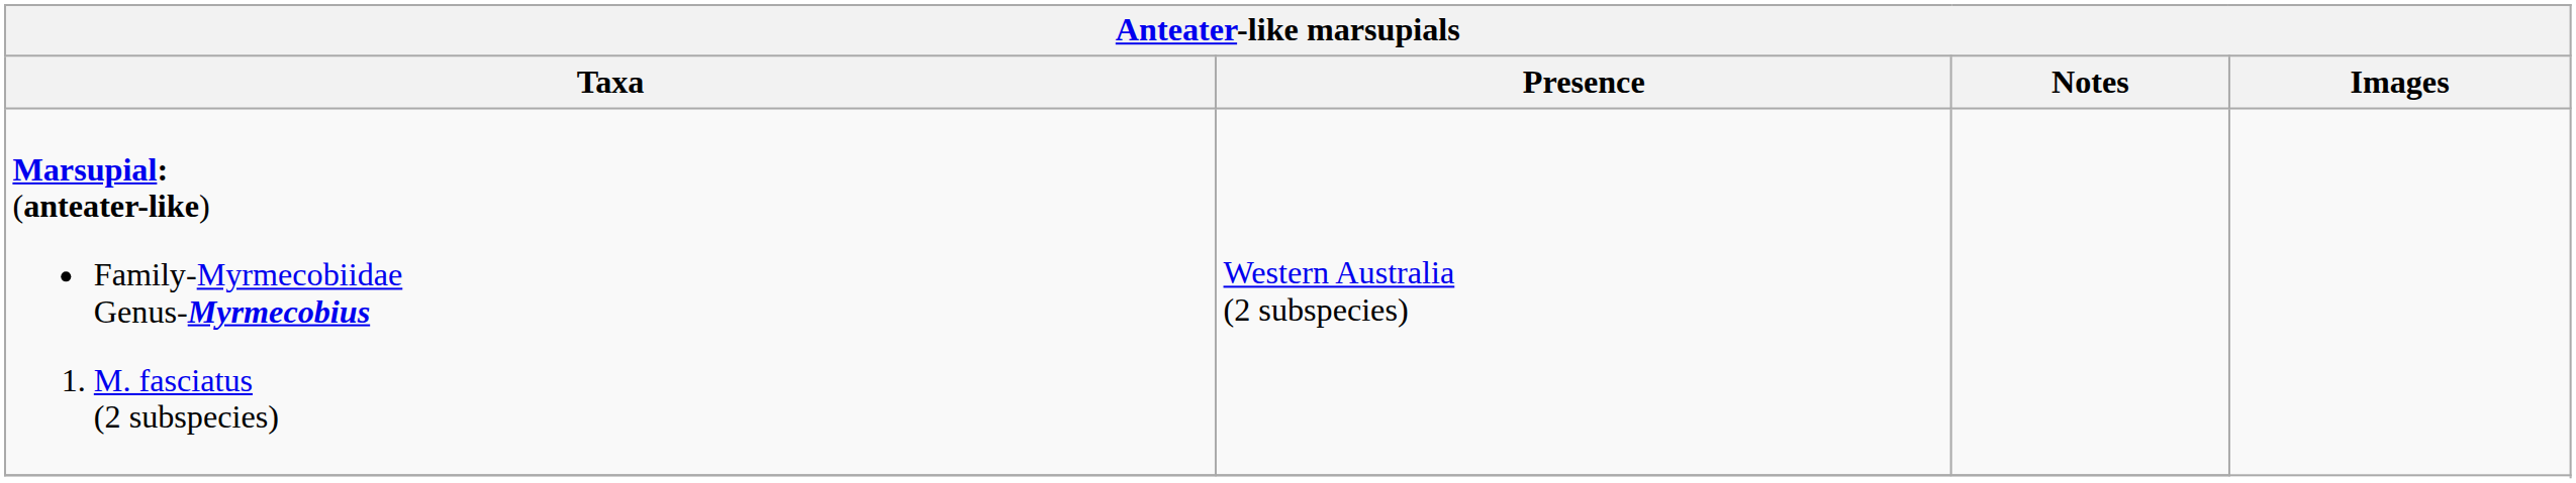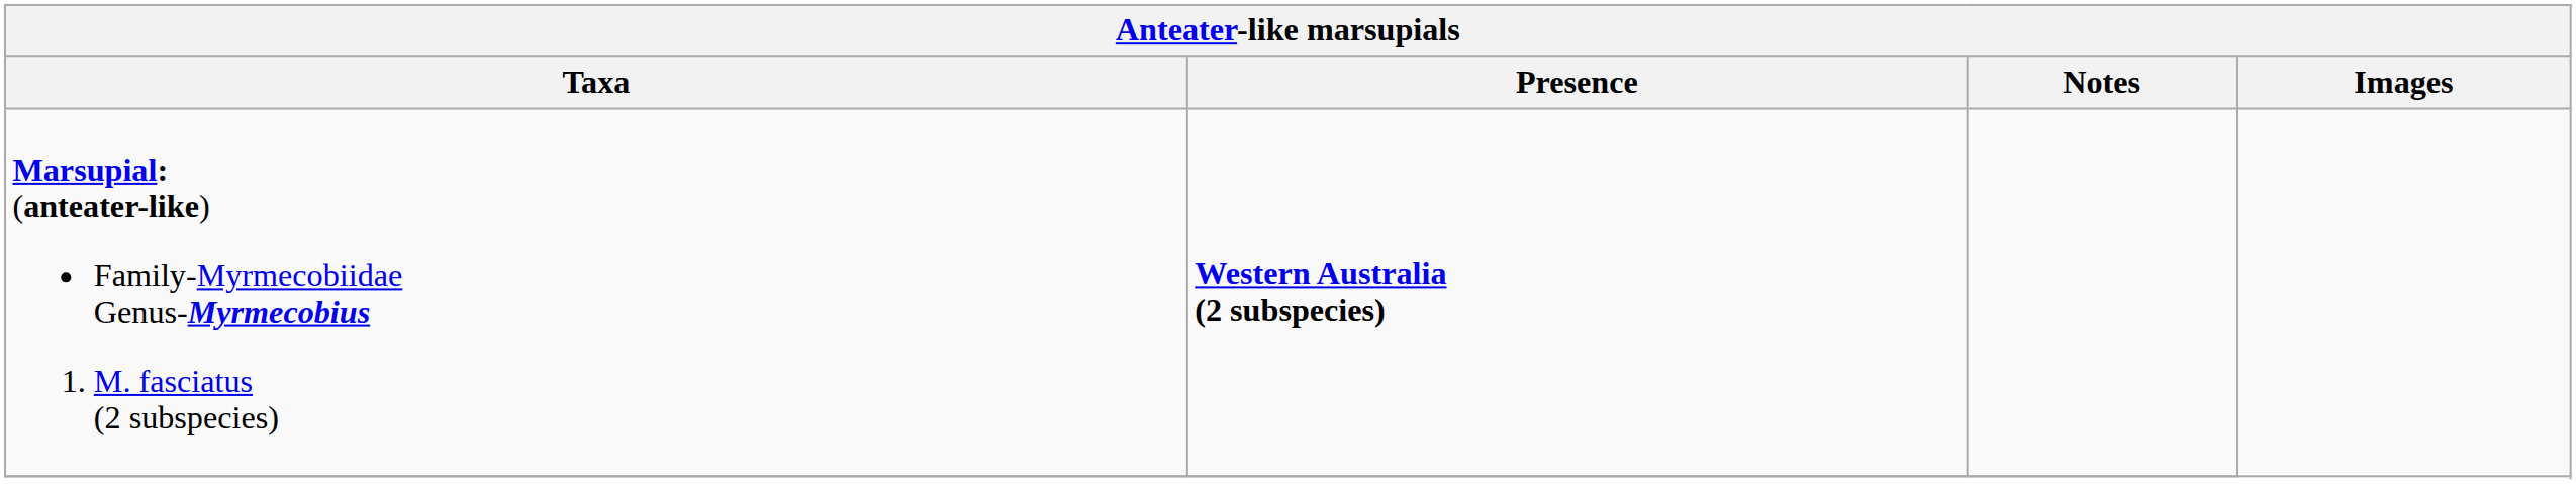 <table class="wikitable" align="center" width="100%">
 <tr>
 <th colspan="5" align="center"><strong><a href='#'>Anteater</a>-like marsupials</strong></th>
 </tr>
 <tr>
 <th>Taxa</th>
 <th>Presence</th>
 <th>Notes</th>
 <th>Images</th>
 </tr>
 <tr>
 <td><br><strong><a href='#'>Marsupial</a>:</strong><br>(<strong>anteater-like</strong>)<ul><li>Family-<a href='#'>Myrmecobiidae</a><br>Genus-<strong><em><a href='#'>Myrmecobius</a></em></strong></li></ul><ol><li><a href='#'>M. fasciatus</a><br>(2 subspecies)</li></ol></td>
-<td><a href='#'>Western Australia</a><br>(2 subspecies)</td>
+<td><strong><a href='#'>Western Australia</a><br>(2 subspecies)</strong></td>
 <td></td>
 <td rowspan="99"><br></td>
 </tr>
 <tr>
 </tr>
 </table>
